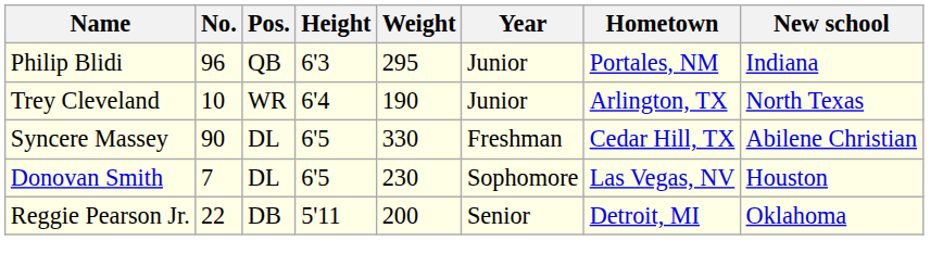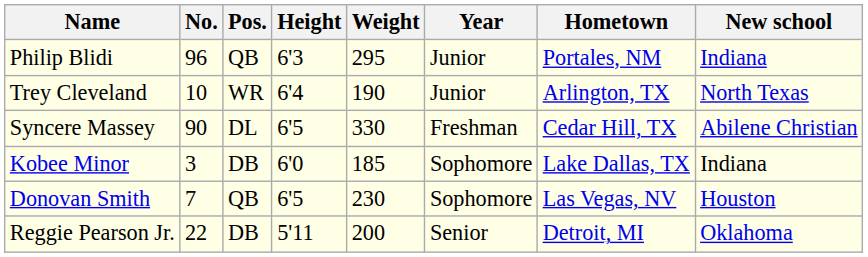 <table class="wikitable sortable">
 <tr>
 <th>Name</th>
 <th>No.</th>
 <th>Pos.</th>
 <th>Height</th>
 <th>Weight</th>
 <th>Year</th>
 <th>Hometown</th>
 <th class="unsortable">New school</th>
 </tr>
 <tr style="background:#FFFFE6;">
 <td>Philip Blidi</td>
 <td>96</td>
 <td>QB</td>
 <td>6'3</td>
 <td>295</td>
 <td>Junior</td>
 <td><a href='#'>Portales, NM</a></td>
 <td><a href='#'>Indiana</a></td>
 </tr>
 <tr style="background:#FFFFE6;">
 <td>Trey Cleveland</td>
 <td>10</td>
 <td>WR</td>
 <td>6'4</td>
 <td>190</td>
 <td>Junior</td>
 <td><a href='#'>Arlington, TX</a></td>
 <td><a href='#'>North Texas</a></td>
 </tr>
 <tr style="background:#FFFFE6;">
 <td>Syncere Massey</td>
 <td>90</td>
 <td>DL</td>
 <td>6'5</td>
 <td>330</td>
 <td>Freshman</td>
 <td><a href='#'>Cedar Hill, TX</a></td>
 <td><a href='#'>Abilene Christian</a></td>
 </tr>
 <tr style="background:#FFFFE6;">
+<td><a href='#'>Kobee Minor</a></td>
+<td>3</td>
+<td>DB</td>
+<td>6'0</td>
+<td>185</td>
+<td>Sophomore</td>
+<td><a href='#'>Lake Dallas, TX</a></td>
+<td>Indiana</td>
+</tr>
+<tr style="background:#FFFFE6;">
 <td><a href='#'>Donovan Smith</a></td>
 <td>7</td>
-<td>DL</td>
+<td>QB</td>
 <td>6'5</td>
 <td>230</td>
 <td>Sophomore</td>
 <td><a href='#'>Las Vegas, NV</a></td>
 <td><a href='#'>Houston</a></td>
 </tr>
 <tr style="background:#FFFFE6;">
 <td>Reggie Pearson Jr.</td>
 <td>22</td>
 <td>DB</td>
 <td>5'11</td>
 <td>200</td>
 <td>Senior</td>
 <td><a href='#'>Detroit, MI</a></td>
 <td><a href='#'>Oklahoma</a></td>
 </tr>
 </table>
